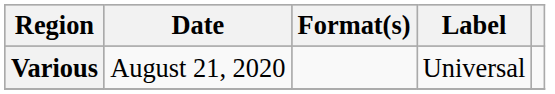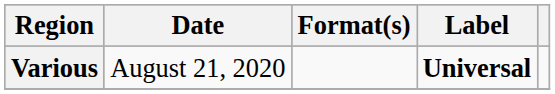 <table class="wikitable plainrowheaders">
 <tr>
 <th scope="col">Region</th>
 <th scope="col">Date</th>
 <th scope="col">Format(s)</th>
 <th scope="col">Label</th>
 <th scope="col"></th>
 </tr>
 <tr>
 <th scope="row">Various</th>
 <td>August 21, 2020</td>
 <td></td>
-<td>Universal</td>
+<td><strong>Universal</strong></td>
 <td align="center"></td>
 </tr>
 <tr>
 </tr>
 </table>
